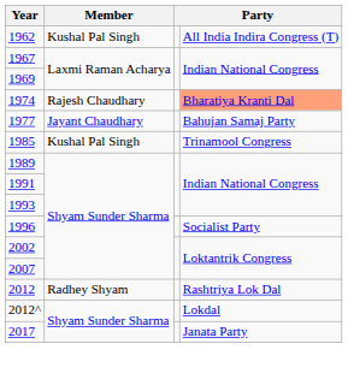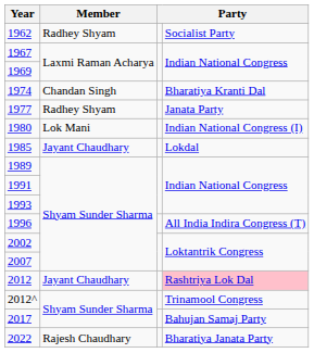 <table class="wikitable">
 <tr>
 <th>Year</th>
 <th>Member</th>
 <th colspan="2">Party</th>
 </tr>
 <tr>
 <td><a href='#'>1962</a></td>
-<td>Kushal Pal Singh</td>
+<td>Radhey Shyam</td>
 <td style="background-color: "></td>
-<td><a href='#'>All India Indira Congress (T)</a></td>
+<td><a href='#'>Socialist Party</a></td>
 </tr>
 <tr>
 <td><a href='#'>1967</a></td>
 <td rowspan="2">Laxmi Raman Acharya</td>
 <td rowspan="2" style="background-color: "></td>
 <td rowspan="2"><a href='#'>Indian National Congress</a></td>
 </tr>
 <tr>
 <td><a href='#'>1969</a></td>
 </tr>
 <tr>
 <td><a href='#'>1974</a></td>
-<td>Rajesh Chaudhary</td>
+<td>Chandan Singh</td>
 <td style="background-color: "></td>
-<td style="background: lightsalmon;"><a href='#'>Bharatiya Kranti Dal</a></td>
+<td><a href='#'>Bharatiya Kranti Dal</a></td>
 </tr>
 <tr>
 <td><a href='#'>1977</a></td>
-<td><a href='#'>Jayant Chaudhary</a></td>
+<td>Radhey Shyam</td>
 <td style="background-color: "></td>
-<td><a href='#'>Bahujan Samaj Party</a></td>
+<td><a href='#'>Janata Party</a></td>
+</tr>
+<tr>
+<td><a href='#'>1980</a></td>
+<td>Lok Mani</td>
+<td style="background-color: "></td>
+<td><a href='#'>Indian National Congress (I)</a></td>
 </tr>
 <tr>
 <td><a href='#'>1985</a></td>
-<td>Kushal Pal Singh</td>
+<td><a href='#'>Jayant Chaudhary</a></td>
 <td style="background-color: "></td>
-<td><a href='#'>Trinamool Congress</a></td>
+<td><a href='#'>Lokdal</a></td>
 </tr>
 <tr>
 <td><a href='#'>1989</a></td>
 <td rowspan="6"><a href='#'>Shyam Sunder Sharma</a></td>
 <td rowspan="3" style="background-color: "></td>
 <td rowspan="3"><a href='#'>Indian National Congress</a></td>
 </tr>
 <tr>
 <td><a href='#'>1991</a></td>
 </tr>
 <tr>
 <td><a href='#'>1993</a></td>
 </tr>
 <tr>
 <td><a href='#'>1996</a></td>
 <td style="background-color: "></td>
-<td><a href='#'>Socialist Party</a></td>
+<td><a href='#'>All India Indira Congress (T)</a></td>
 </tr>
 <tr>
 <td><a href='#'>2002</a></td>
 <td rowspan="2" style="background-color: "></td>
 <td rowspan="2"><a href='#'>Loktantrik Congress</a></td>
 </tr>
 <tr>
 <td><a href='#'>2007</a></td>
 </tr>
 <tr>
 <td><a href='#'>2012</a></td>
-<td>Radhey Shyam</td>
+<td><a href='#'>Jayant Chaudhary</a></td>
 <td style="background-color: "></td>
-<td><a href='#'>Rashtriya Lok Dal</a></td>
+<td style="background: pink;"><a href='#'>Rashtriya Lok Dal</a></td>
 </tr>
 <tr>
 <td>2012^</td>
 <td rowspan="2"><a href='#'>Shyam Sunder Sharma</a></td>
 <td style="background-color: "></td>
-<td><a href='#'>Lokdal</a></td>
+<td><a href='#'>Trinamool Congress</a></td>
 </tr>
 <tr>
 <td><a href='#'>2017</a></td>
 <td style="background-color: "></td>
-<td><a href='#'>Janata Party</a></td>
+<td><a href='#'>Bahujan Samaj Party</a></td>
+</tr>
+<tr>
+<td><a href='#'>2022</a></td>
+<td>Rajesh Chaudhary</td>
+<td style="background-color: "></td>
+<td><a href='#'>Bharatiya Janata Party</a></td>
 </tr>
 </table>
